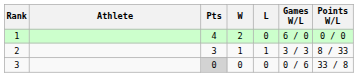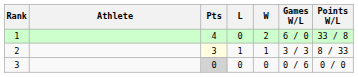 <table class="wikitable" style="text-align: center; font-size:90% ">
 <tr>
 <th width="20">Rank</th>
 <th width="230">Athlete</th>
 <th width="30">Pts</th>
+<th width="30">L</th>
 <th width="30">W</th>
-<th width="30">L</th>
 <th width="40">Games<br>W/L</th>
 <th width="50">Points<br>W/L</th>
 </tr>
 <tr bgcolor=#ccffcc>
 <td>1</td>
 <td align=left></td>
 <td>4</td>
+<td>0</td>
 <td>2</td>
-<td>0</td>
 <td>6 / 0</td>
-<td>0 / 0</td>
+<td>33 / 8</td>
 </tr>
 <tr>
 <td>2</td>
 <td align=left></td>
-<td>3</td>
+<td style="background: lightyellow;">3</td>
 <td>1</td>
 <td>1</td>
 <td>3 / 3</td>
 <td>8 / 33</td>
 </tr>
 <tr>
 <td>3</td>
 <td align=left></td>
 <td style="background: lightgrey;">0</td>
 <td>0</td>
 <td>0</td>
 <td>0 / 6</td>
-<td>33 / 8</td>
+<td>0 / 0</td>
 </tr>
 </table>
